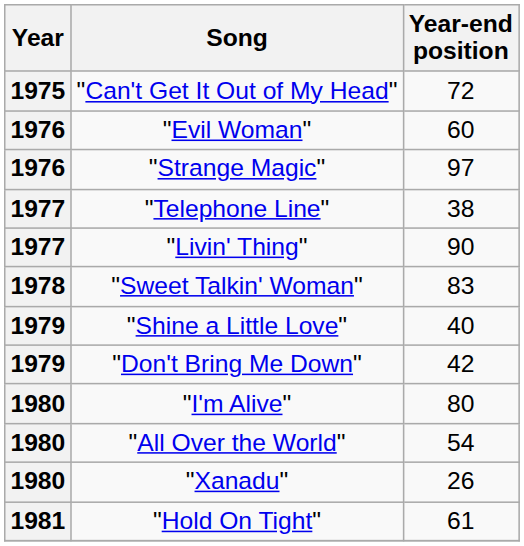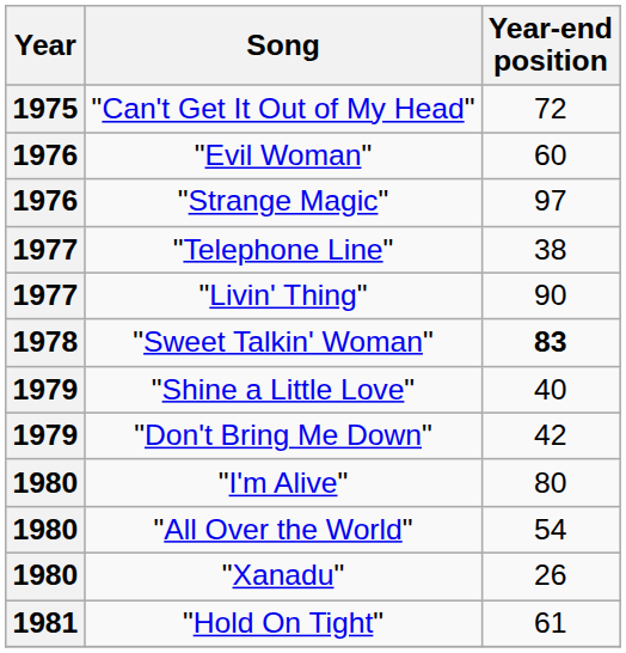 <table class="wikitable sortable plainrowheaders" style="text-align:center;" border="1">
 <tr>
 <th>Year</th>
 <th>Song</th>
 <th>Year-end<br>position</th>
 </tr>
 <tr>
 <th scope="row">1975</th>
 <td>"<a href='#'>Can't Get It Out of My Head</a>"</td>
 <td>72</td>
 </tr>
 <tr>
 <th scope="row">1976</th>
 <td>"<a href='#'>Evil Woman</a>"</td>
 <td>60</td>
 </tr>
 <tr>
 <th scope="row">1976</th>
 <td>"<a href='#'>Strange Magic</a>"</td>
 <td>97</td>
 </tr>
 <tr>
 <th scope="row">1977</th>
 <td>"<a href='#'>Telephone Line</a>"</td>
 <td>38</td>
 </tr>
 <tr>
 <th scope="row">1977</th>
 <td>"<a href='#'>Livin' Thing</a>"</td>
 <td>90</td>
 </tr>
 <tr>
 <th scope="row">1978</th>
 <td>"<a href='#'>Sweet Talkin' Woman</a>"</td>
-<td>83</td>
+<td><strong>83</strong></td>
 </tr>
 <tr>
 <th scope="row">1979</th>
 <td>"<a href='#'>Shine a Little Love</a>"</td>
 <td>40</td>
 </tr>
 <tr>
 <th scope="row">1979</th>
 <td>"<a href='#'>Don't Bring Me Down</a>"</td>
 <td>42</td>
 </tr>
 <tr>
 <th scope="row">1980</th>
 <td>"<a href='#'>I'm Alive</a>"</td>
 <td>80</td>
 </tr>
 <tr>
 <th scope="row">1980</th>
 <td>"<a href='#'>All Over the World</a>"</td>
 <td>54</td>
 </tr>
 <tr>
 <th scope="row">1980</th>
 <td>"<a href='#'>Xanadu</a>"</td>
 <td>26</td>
 </tr>
 <tr>
 <th scope="row">1981</th>
 <td>"<a href='#'>Hold On Tight</a>"</td>
 <td>61</td>
 </tr>
 <tr>
 </tr>
 </table>
